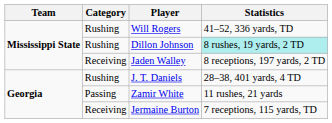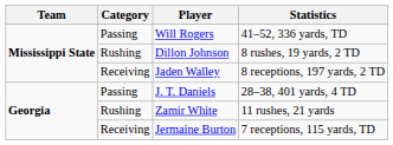 <table class="wikitable" style="float: right;">
 <tr>
 <th>Team</th>
 <th>Category</th>
 <th>Player</th>
 <th>Statistics</th>
 </tr>
 <tr>
 <td rowspan=3><strong>Mississippi State</strong></td>
-<td>Rushing</td>
+<td>Passing</td>
 <td><a href='#'>Will Rogers</a></td>
 <td>41–52, 336 yards, TD</td>
 </tr>
 <tr>
 <td>Rushing</td>
 <td><a href='#'>Dillon Johnson</a></td>
-<td style="background: paleturquoise;">8 rushes, 19 yards, 2 TD</td>
+<td>8 rushes, 19 yards, 2 TD</td>
 </tr>
 <tr>
 <td>Receiving</td>
 <td><a href='#'>Jaden Walley</a></td>
 <td>8 receptions, 197 yards, 2 TD</td>
 </tr>
 <tr>
 <td rowspan=3><strong>Georgia</strong></td>
-<td>Rushing</td>
+<td>Passing</td>
 <td><a href='#'>J. T. Daniels</a></td>
 <td>28–38, 401 yards, 4 TD</td>
 </tr>
 <tr>
-<td>Passing</td>
+<td>Rushing</td>
 <td><a href='#'>Zamir White</a></td>
 <td>11 rushes, 21 yards</td>
 </tr>
 <tr>
 <td>Receiving</td>
 <td><a href='#'>Jermaine Burton</a></td>
 <td>7 receptions, 115 yards, TD</td>
 </tr>
 </table>
